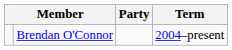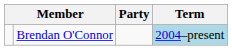 <table class="wikitable">
 <tr>
 <th colspan="2">Member</th>
 <th>Party</th>
 <th>Term</th>
 </tr>
 <tr>
 <td> </td>
 <td><a href='#'>Brendan O'Connor</a></td>
 <td></td>
-<td><a href='#'>2004</a>–present</td>
+<td style="background: lightblue;"><a href='#'>2004</a>–present</td>
 </tr>
 </table>
